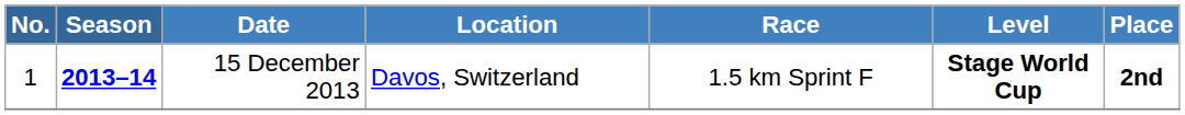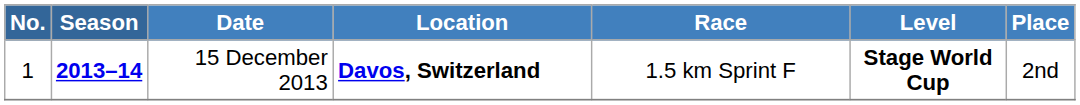 <table class="wikitable sortable" style="font-size:95%; text-align:center; border:grey solid 1px; border-collapse:collapse; background:#ffffff;">
 <tr style="background:#efefef;">
 <th style="background-color:#369; color:white;">No.</th>
 <th style="background-color:#369; color:white;">Season</th>
 <th style="background-color:#4180be; color:white; width:120px;">Date</th>
 <th style="background-color:#4180be; color:white; width:170px;">Location</th>
 <th style="background-color:#4180be; color:white; width:170px;">Race</th>
 <th style="background-color:#4180be; color:white; width:100px;">Level</th>
 <th style="background-color:#4180be; color:white;">Place</th>
 </tr>
 <tr>
 <td align=center>1</td>
 <td rowspan=1 align=center><strong><a href='#'>2013–14</a></strong></td>
 <td align=right>15 December 2013</td>
-<td align=left> <a href='#'>Davos</a>, Switzerland</td>
+<td align=left><strong> <a href='#'>Davos</a>, Switzerland</strong></td>
 <td>1.5 km Sprint F</td>
 <td><strong>Stage World Cup</strong></td>
-<td><strong>2nd</strong></td>
+<td>2nd</td>
 </tr>
 <tr>
 </tr>
 </table>
